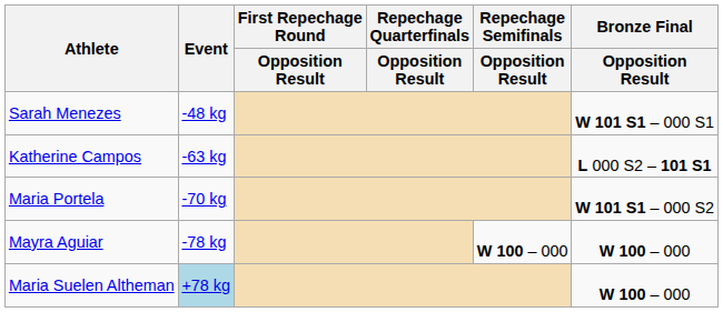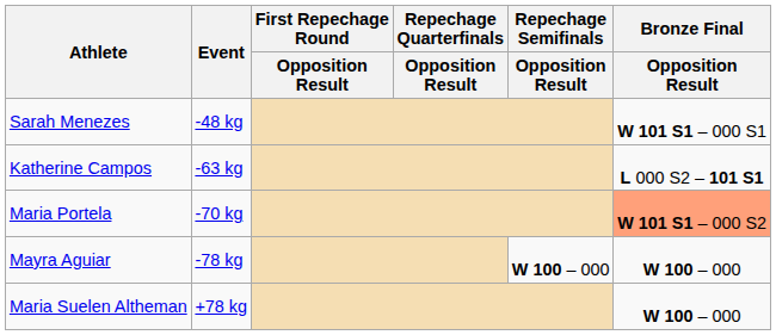 <table class="wikitable" style="font-size:90%">
 <tr>
 <th rowspan="2">Athlete</th>
 <th rowspan="2">Event</th>
 <th>First Repechage <br>Round</th>
 <th>Repechage <br>Quarterfinals</th>
 <th>Repechage <br>Semifinals</th>
 <th>Bronze Final</th>
 </tr>
 <tr>
 <th>Opposition<br>Result</th>
 <th>Opposition<br>Result</th>
 <th>Opposition<br>Result</th>
 <th>Opposition<br>Result</th>
 </tr>
 <tr>
 <td><a href='#'>Sarah Menezes</a></td>
 <td><a href='#'>-48 kg</a></td>
 <td align="center" colspan=3 bgcolor=wheat></td>
 <td align=center><br><strong>W</strong> <strong>101 S1</strong> – 000 S1<br></td>
 </tr>
 <tr>
 <td><a href='#'>Katherine Campos</a></td>
 <td><a href='#'>-63 kg</a></td>
 <td align="center" colspan=3 bgcolor=wheat></td>
 <td align=center><br><strong>L</strong> 000 S2 – <strong>101 S1</strong></td>
 </tr>
 <tr>
 <td><a href='#'>Maria Portela</a></td>
 <td><a href='#'>-70 kg</a></td>
 <td align="center" colspan=3 bgcolor=wheat></td>
-<td align=center><br><strong>W</strong> <strong>101 S1</strong> – 000 S2<br></td>
+<td align=center style="background: lightsalmon;"><br><strong>W</strong> <strong>101 S1</strong> – 000 S2<br></td>
 </tr>
 <tr>
 <td><a href='#'>Mayra Aguiar</a></td>
 <td><a href='#'>-78 kg</a></td>
 <td align="center" colspan=2 bgcolor=wheat></td>
 <td align=center><br><strong>W</strong> <strong>100</strong> – 000</td>
 <td align=center><br><strong>W</strong> <strong>100</strong> – 000<br></td>
 </tr>
 <tr>
 <td><a href='#'>Maria Suelen Altheman</a></td>
-<td style="background: lightblue;"><a href='#'>+78 kg</a></td>
+<td><a href='#'>+78 kg</a></td>
 <td align="center" colspan=3 bgcolor=wheat></td>
 <td align=center><br><strong>W</strong> <strong>100</strong> – 000<br></td>
 </tr>
 </table>
